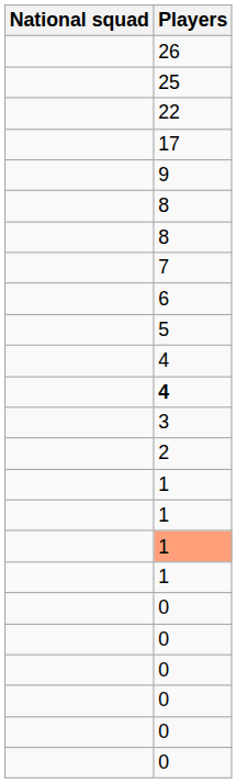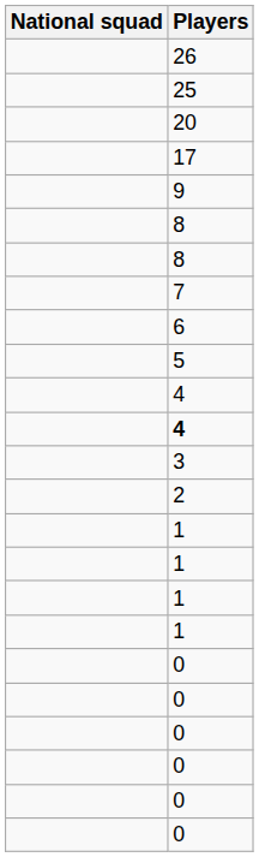 <table class="wikitable sortable">
 <tr>
 <th>National squad</th>
 <th>Players</th>
 </tr>
 <tr>
 <td></td>
 <td>26</td>
 </tr>
 <tr>
 <td></td>
 <td>25</td>
 </tr>
 <tr>
 <td></td>
-<td>22</td>
+<td>20</td>
 </tr>
 <tr>
 <td></td>
 <td>17</td>
 </tr>
 <tr>
 <td></td>
 <td>9</td>
 </tr>
 <tr>
 <td></td>
 <td>8</td>
 </tr>
 <tr>
 <td></td>
 <td>8</td>
 </tr>
 <tr>
 <td></td>
 <td>7</td>
 </tr>
 <tr>
 <td></td>
 <td>6</td>
 </tr>
 <tr>
 <td></td>
 <td>5</td>
 </tr>
 <tr>
 <td></td>
 <td>4</td>
 </tr>
 <tr>
 <td></td>
 <td><strong>4</strong></td>
 </tr>
 <tr>
 <td></td>
 <td>3</td>
 </tr>
 <tr>
 <td></td>
 <td>2</td>
 </tr>
 <tr>
 <td></td>
 <td>1</td>
 </tr>
 <tr>
 <td></td>
 <td>1</td>
 </tr>
 <tr>
 <td></td>
-<td style="background: lightsalmon;">1</td>
+<td>1</td>
 </tr>
 <tr>
 <td></td>
 <td>1</td>
 </tr>
 <tr>
 <td></td>
 <td>0</td>
 </tr>
 <tr>
 <td></td>
 <td>0</td>
 </tr>
 <tr>
 <td></td>
 <td>0</td>
 </tr>
 <tr>
 <td></td>
 <td>0</td>
 </tr>
 <tr>
 <td></td>
 <td>0</td>
 </tr>
 <tr>
 <td></td>
 <td>0</td>
 </tr>
 </table>
